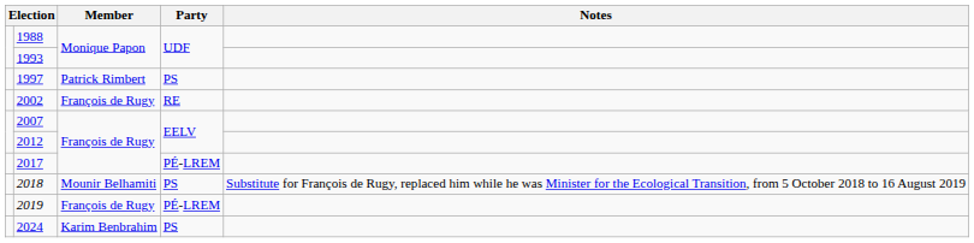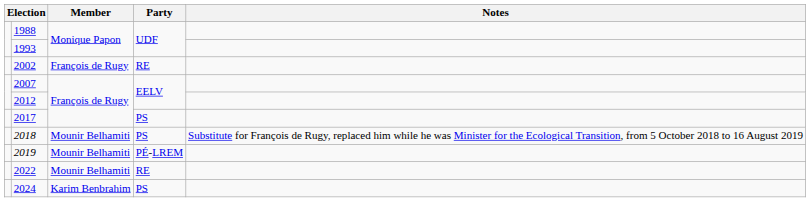 <table class="wikitable">
 <tr>
 <th colspan="2">Election</th>
 <th>Member</th>
 <th>Party</th>
 <th>Notes</th>
 </tr>
 <tr>
 <td rowspan=2 style="color:inherit;background-color: "></td>
 <td><a href='#'>1988</a></td>
 <td rowspan=2><a href='#'>Monique Papon</a></td>
 <td rowspan=2><a href='#'>UDF</a></td>
 <td></td>
 </tr>
 <tr>
 <td><a href='#'>1993</a></td>
-<td></td>
-</tr>
-<tr>
-<td style="color:inherit;background-color: "></td>
-<td><a href='#'>1997</a></td>
-<td><a href='#'>Patrick Rimbert</a></td>
-<td><a href='#'>PS</a></td>
 <td></td>
 </tr>
 <tr>
 <td style="color:inherit;background-color: "></td>
 <td><a href='#'>2002</a></td>
 <td><a href='#'>François de Rugy</a></td>
 <td><a href='#'>RE</a></td>
 <td></td>
 </tr>
 <tr>
 <td rowspan="2" style="color:inherit;background-color: "></td>
 <td><a href='#'>2007</a></td>
 <td rowspan="3"><a href='#'>François de Rugy</a></td>
 <td rowspan="2"><a href='#'>EELV</a></td>
 <td></td>
 </tr>
 <tr>
 <td><a href='#'>2012</a></td>
 <td></td>
 </tr>
 <tr>
 <td style="color:inherit;background-color: "></td>
 <td><a href='#'>2017</a></td>
-<td><a href='#'>PÉ</a>-<a href='#'>LREM</a></td>
+<td><a href='#'>PS</a></td>
 <td></td>
 </tr>
 <tr>
 <td style="color:inherit;background-color: "></td>
 <td><em>2018</em></td>
 <td><a href='#'>Mounir Belhamiti</a></td>
 <td><a href='#'>PS</a></td>
 <td><a href='#'>Substitute</a> for François de Rugy, replaced him while he was <a href='#'>Minister for the Ecological Transition</a>, from 5 October 2018 to 16 August 2019</td>
 </tr>
 <tr>
 <td style="color:inherit;background-color: "></td>
 <td><em>2019</em></td>
-<td><a href='#'>François de Rugy</a></td>
+<td><a href='#'>Mounir Belhamiti</a></td>
 <td><a href='#'>PÉ</a>-<a href='#'>LREM</a></td>
+<td></td>
+</tr>
+<tr>
+<td style="color:inherit;background-color: "></td>
+<td><a href='#'>2022</a></td>
+<td><a href='#'>Mounir Belhamiti</a></td>
+<td><a href='#'>RE</a></td>
 <td></td>
 </tr>
 <tr>
 <td style="color:inherit;background-color: "></td>
 <td><a href='#'>2024</a></td>
 <td><a href='#'>Karim Benbrahim</a></td>
 <td><a href='#'>PS</a></td>
 <td></td>
 </tr>
 </table>
